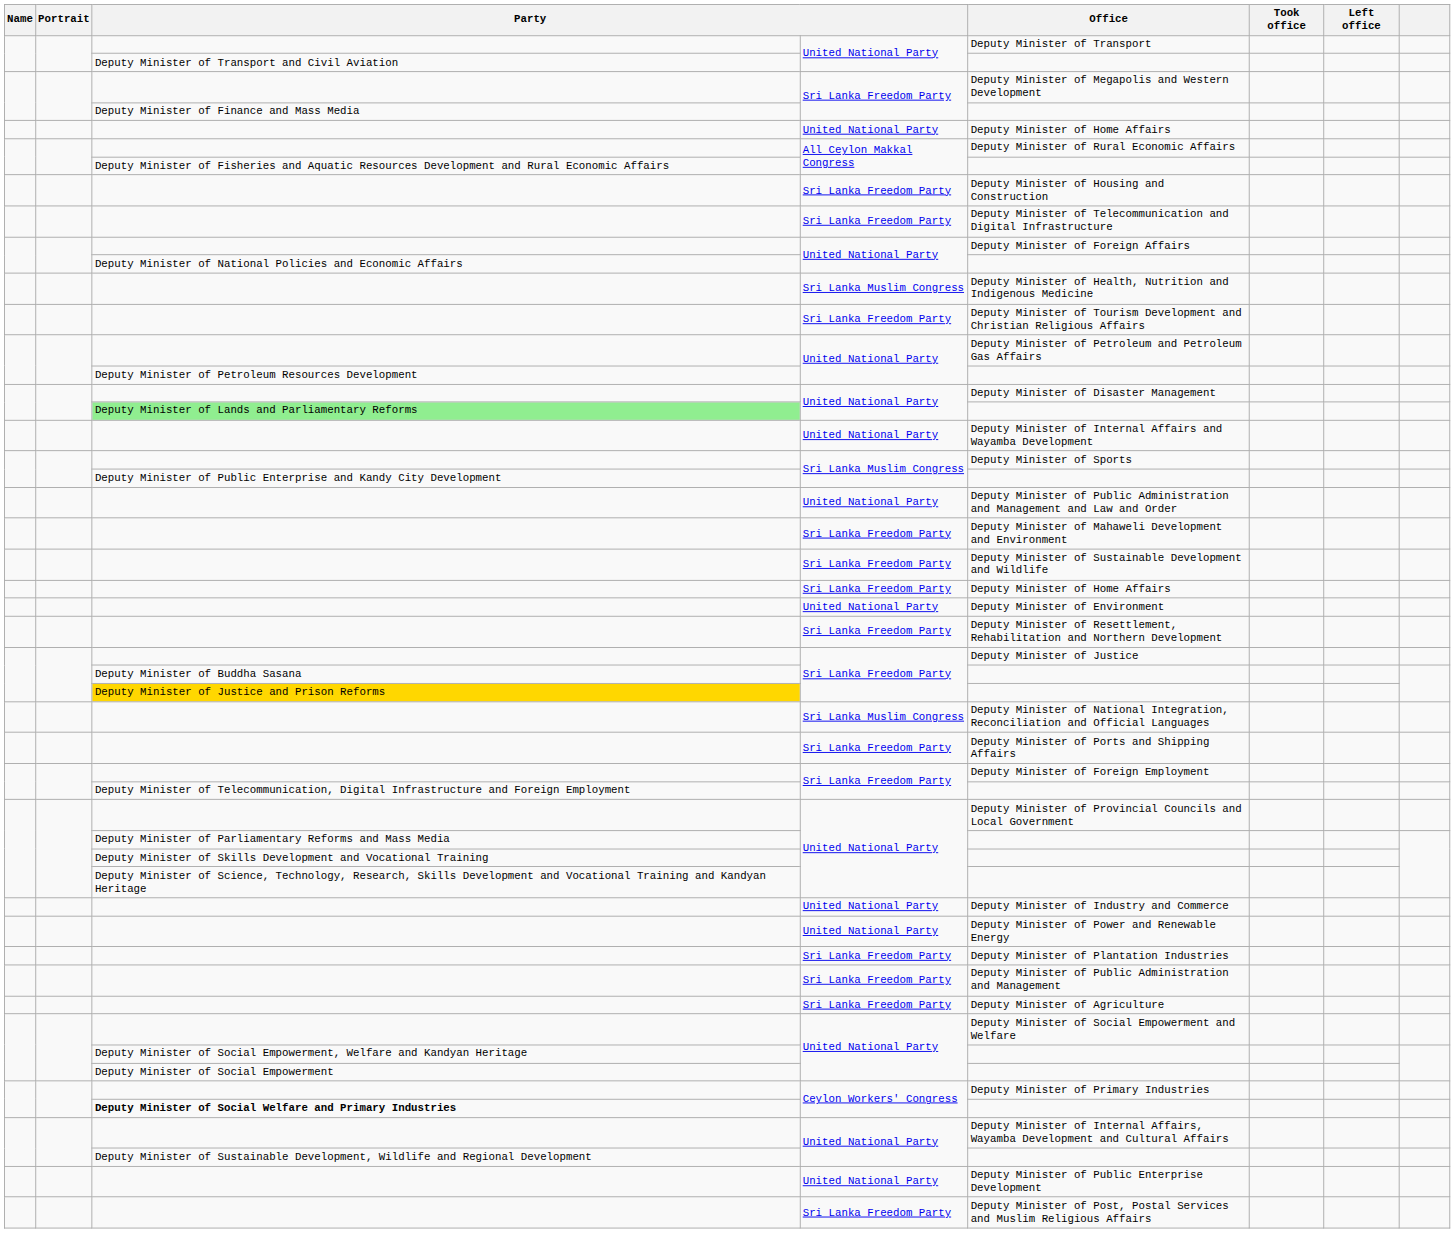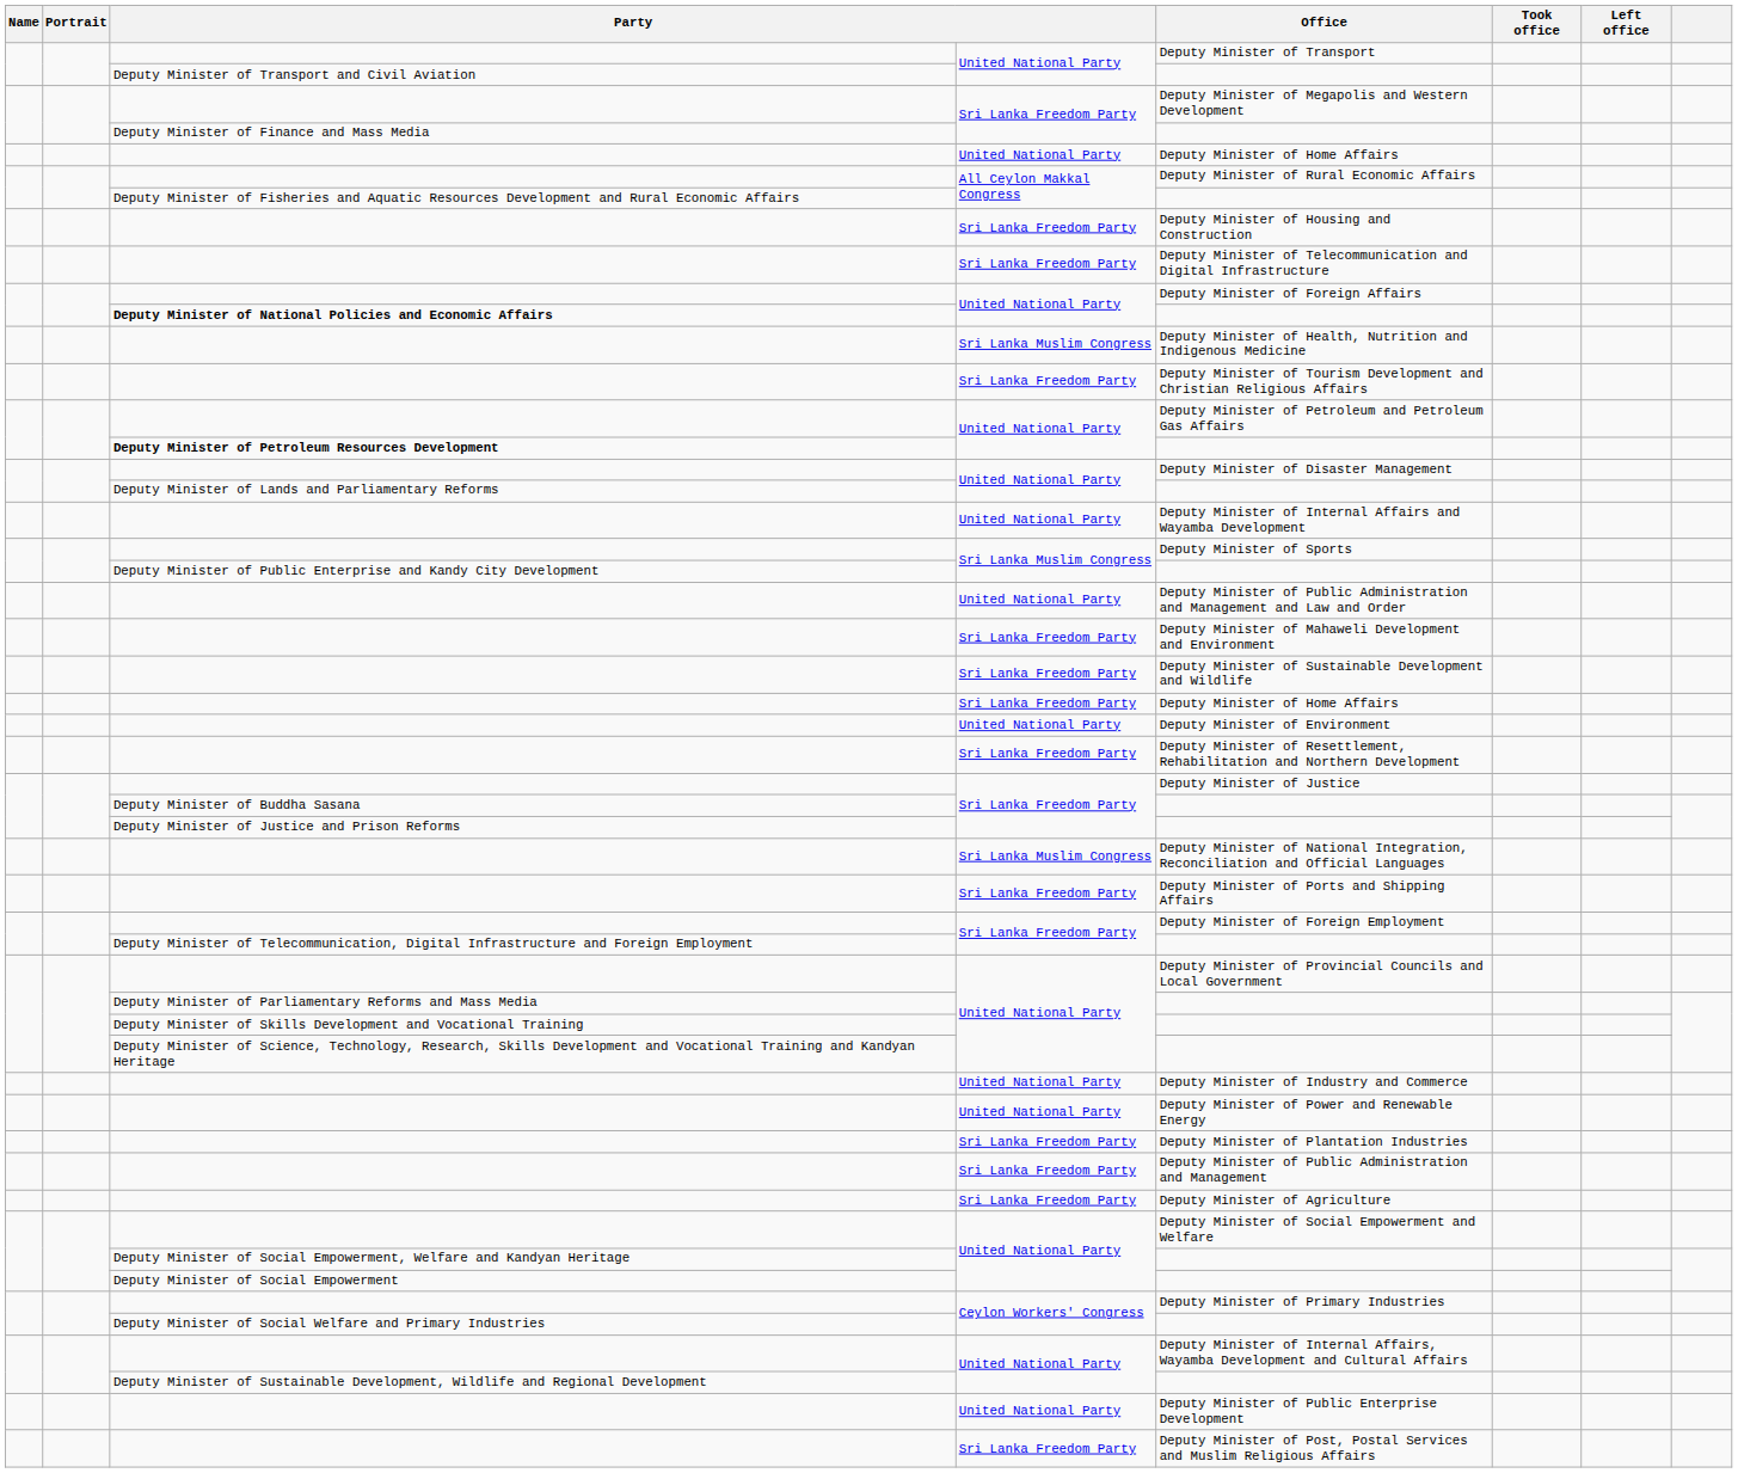 <table class="wikitable plainrowheaders sortable" style="font-size:90%; text-align:left;">
 <tr>
 <th scope=col>Name</th>
 <th scope=col class=unsortable>Portrait</th>
 <th scope=col colspan="2">Party</th>
 <th scope=col width=300px>Office</th>
 <th scope=col>Took office</th>
 <th scope=col>Left office</th>
 <th scope=col width=50px class=unsortable></th>
 </tr>
 <tr>
 <td rowspan=2></td>
 <td align=center rowspan=2></td>
 <td !align="center" style="background:"></td>
 <td rowspan=2><a href='#'>United National Party</a></td>
 <td>Deputy Minister of Transport</td>
 <td align=center></td>
 <td align=center></td>
 <td align=center></td>
 </tr>
 <tr>
 <td>Deputy Minister of Transport and Civil Aviation</td>
 <td align=center></td>
 <td align=center></td>
 <td align=center></td>
 </tr>
 <tr>
 <td rowspan=2></td>
 <td align=center rowspan=2></td>
 <td !align="center" style="background:"></td>
 <td rowspan=2><a href='#'>Sri Lanka Freedom Party</a></td>
 <td>Deputy Minister of Megapolis and Western Development</td>
 <td align=center></td>
 <td align=center></td>
 <td align=center></td>
 </tr>
 <tr>
 <td>Deputy Minister of Finance and Mass Media</td>
 <td align=center></td>
 <td align=center></td>
 <td align=center></td>
 </tr>
 <tr>
 <td></td>
 <td align=center></td>
 <td !align="center" style="background:"></td>
 <td><a href='#'>United National Party</a></td>
 <td>Deputy Minister of Home Affairs</td>
 <td align=center></td>
 <td align=center></td>
 <td align=center></td>
 </tr>
 <tr>
 <td rowspan=2></td>
 <td align=center rowspan=2></td>
 <td !align="center" style="background:"></td>
 <td rowspan=2><a href='#'>All Ceylon Makkal Congress</a></td>
 <td>Deputy Minister of Rural Economic Affairs</td>
 <td align=center></td>
 <td align=center></td>
 <td align=center></td>
 </tr>
 <tr>
 <td>Deputy Minister of Fisheries and Aquatic Resources Development and Rural Economic Affairs</td>
 <td align=center></td>
 <td align=center></td>
 <td align=center></td>
 </tr>
 <tr>
 <td></td>
 <td align=center></td>
 <td !align="center" style="background:"></td>
 <td><a href='#'>Sri Lanka Freedom Party</a></td>
 <td>Deputy Minister of Housing and Construction</td>
 <td align=center></td>
 <td align=center></td>
 <td align=center></td>
 </tr>
 <tr>
 <td></td>
 <td align=center></td>
 <td !align="center" style="background:"></td>
 <td><a href='#'>Sri Lanka Freedom Party</a></td>
 <td>Deputy Minister of Telecommunication and Digital Infrastructure</td>
 <td align=center></td>
 <td align=center></td>
 <td align=center><br></td>
 </tr>
 <tr>
 <td rowspan=2></td>
 <td align=center rowspan=2></td>
 <td !align="center" style="background:"></td>
 <td rowspan=2><a href='#'>United National Party</a></td>
 <td>Deputy Minister of Foreign Affairs</td>
 <td align=center></td>
 <td align=center></td>
 <td align=center></td>
 </tr>
 <tr>
-<td>Deputy Minister of National Policies and Economic Affairs</td>
+<td><strong>Deputy Minister of National Policies and Economic Affairs</strong></td>
 <td align=center></td>
 <td align=center></td>
 <td align=center></td>
 </tr>
 <tr>
 <td></td>
 <td align=center></td>
 <td !align="center" style="background:"></td>
 <td><a href='#'>Sri Lanka Muslim Congress</a></td>
 <td>Deputy Minister of Health, Nutrition and Indigenous Medicine</td>
 <td align=center></td>
 <td align=center></td>
 <td align=center></td>
 </tr>
 <tr>
 <td></td>
 <td align=center></td>
 <td !align="center" style="background:"></td>
 <td><a href='#'>Sri Lanka Freedom Party</a></td>
 <td>Deputy Minister of Tourism Development and Christian Religious Affairs</td>
 <td align=center></td>
 <td align=center></td>
 <td align=center></td>
 </tr>
 <tr>
 <td rowspan=2></td>
 <td align=center rowspan=2></td>
 <td !align="center" style="background:"></td>
 <td rowspan=2><a href='#'>United National Party</a></td>
 <td>Deputy Minister of Petroleum and Petroleum Gas Affairs</td>
 <td align=center></td>
 <td align=center></td>
 <td align=center></td>
 </tr>
 <tr>
-<td>Deputy Minister of Petroleum Resources Development</td>
+<td><strong>Deputy Minister of Petroleum Resources Development</strong></td>
 <td align=center></td>
 <td align=center></td>
 <td align=center></td>
 </tr>
 <tr>
 <td rowspan=2></td>
 <td align=center rowspan=2></td>
 <td !align="center" style="background:"></td>
 <td rowspan=2><a href='#'>United National Party</a></td>
 <td>Deputy Minister of Disaster Management</td>
 <td align=center></td>
 <td align=center></td>
 <td align=center></td>
 </tr>
 <tr>
-<td style="background: lightgreen;">Deputy Minister of Lands and Parliamentary Reforms</td>
+<td>Deputy Minister of Lands and Parliamentary Reforms</td>
 <td align=center></td>
 <td align=center></td>
 <td align=center></td>
 </tr>
 <tr>
 <td></td>
 <td align=center></td>
 <td !align="center" style="background:"></td>
 <td><a href='#'>United National Party</a></td>
 <td>Deputy Minister of Internal Affairs and Wayamba Development</td>
 <td align=center></td>
 <td align=center></td>
 <td align=center></td>
 </tr>
 <tr>
 <td rowspan=2></td>
 <td align=center rowspan=2></td>
 <td !align="center" style="background:"></td>
 <td rowspan=2><a href='#'>Sri Lanka Muslim Congress</a></td>
 <td>Deputy Minister of Sports</td>
 <td align=center></td>
 <td align=center></td>
 <td align=center></td>
 </tr>
 <tr>
 <td>Deputy Minister of Public Enterprise and Kandy City Development</td>
 <td align=center></td>
 <td align=center></td>
 <td align=center></td>
 </tr>
 <tr>
 <td></td>
 <td align=center></td>
 <td !align="center" style="background:"></td>
 <td><a href='#'>United National Party</a></td>
 <td>Deputy Minister of Public Administration and Management and Law and Order</td>
 <td align=center></td>
 <td align=center></td>
 <td align=center></td>
 </tr>
 <tr>
 <td></td>
 <td align=center></td>
 <td !align="center" style="background:"></td>
 <td><a href='#'>Sri Lanka Freedom Party</a></td>
 <td>Deputy Minister of Mahaweli Development and Environment</td>
 <td align=center></td>
 <td align=center></td>
 <td align=center><br></td>
 </tr>
 <tr>
 <td></td>
 <td align=center></td>
 <td !align="center" style="background:"></td>
 <td><a href='#'>Sri Lanka Freedom Party</a></td>
 <td>Deputy Minister of Sustainable Development and Wildlife</td>
 <td align=center></td>
 <td align=center></td>
 <td align=center></td>
 </tr>
 <tr>
 <td></td>
 <td align=center></td>
 <td !align="center" style="background:"></td>
 <td><a href='#'>Sri Lanka Freedom Party</a></td>
 <td>Deputy Minister of Home Affairs</td>
 <td align=center></td>
 <td align=center></td>
 <td align=center></td>
 </tr>
 <tr>
 <td></td>
 <td align=center></td>
 <td !align="center" style="background:"></td>
 <td><a href='#'>United National Party</a></td>
 <td>Deputy Minister of Environment</td>
 <td align=center></td>
 <td align=center></td>
 <td align=center></td>
 </tr>
 <tr>
 <td></td>
 <td align=center></td>
 <td !align="center" style="background:"></td>
 <td><a href='#'>Sri Lanka Freedom Party</a></td>
 <td>Deputy Minister of Resettlement, Rehabilitation and Northern Development</td>
 <td align=center></td>
 <td align=center></td>
 <td align=center></td>
 </tr>
 <tr>
 <td rowspan=3></td>
 <td align=center rowspan=3></td>
 <td !align="center" style="background:"></td>
 <td rowspan=3><a href='#'>Sri Lanka Freedom Party</a></td>
 <td>Deputy Minister of Justice</td>
 <td align=center></td>
 <td align=center></td>
 <td align=center></td>
 </tr>
 <tr>
 <td>Deputy Minister of Buddha Sasana</td>
 <td align=center></td>
 <td align=center></td>
 <td align=center></td>
 </tr>
 <tr>
-<td style="background: gold;">Deputy Minister of Justice and Prison Reforms</td>
+<td>Deputy Minister of Justice and Prison Reforms</td>
 <td align=center></td>
 <td align=center></td>
 <td align=center></td>
 </tr>
 <tr>
 <td></td>
 <td align=center></td>
 <td !align="center" style="background:"></td>
 <td><a href='#'>Sri Lanka Muslim Congress</a></td>
 <td>Deputy Minister of National Integration, Reconciliation and Official Languages</td>
 <td align=center></td>
 <td align=center></td>
 <td align=center></td>
 </tr>
 <tr>
 <td></td>
 <td align=center></td>
 <td !align="center" style="background:"></td>
 <td><a href='#'>Sri Lanka Freedom Party</a></td>
 <td>Deputy Minister of Ports and Shipping Affairs</td>
 <td align=center></td>
 <td align=center></td>
 <td align=center></td>
 </tr>
 <tr>
 <td rowspan=2></td>
 <td rowspan=2></td>
 <td !align="center" style="background:"></td>
 <td rowspan=2><a href='#'>Sri Lanka Freedom Party</a></td>
 <td>Deputy Minister of Foreign Employment</td>
 <td align=center></td>
 <td align=center></td>
 <td align=center></td>
 </tr>
 <tr>
 <td>Deputy Minister of Telecommunication, Digital Infrastructure and Foreign Employment</td>
 <td align=center></td>
 <td align=center></td>
 <td align=center></td>
 </tr>
 <tr>
 <td rowspan=4></td>
 <td align=center rowspan=4></td>
 <td !align="center" style="background:"></td>
 <td rowspan=4><a href='#'>United National Party</a></td>
 <td>Deputy Minister of Provincial Councils and Local Government</td>
 <td align=center></td>
 <td align=center></td>
 <td align=center></td>
 </tr>
 <tr>
 <td>Deputy Minister of Parliamentary Reforms and Mass Media</td>
 <td align=center></td>
 <td align=center></td>
 <td align=center></td>
 </tr>
 <tr>
 <td>Deputy Minister of Skills Development and Vocational Training</td>
 <td align=center></td>
 <td align=center></td>
 <td align=center></td>
 </tr>
 <tr>
 <td>Deputy Minister of Science, Technology, Research, Skills Development and Vocational Training and Kandyan Heritage</td>
 <td align=center></td>
 <td align=center></td>
 <td align=center></td>
 </tr>
 <tr>
 <td></td>
 <td align=center></td>
 <td !align="center" style="background:"></td>
 <td><a href='#'>United National Party</a></td>
 <td>Deputy Minister of Industry and Commerce</td>
 <td align=center></td>
 <td align=center></td>
 <td align=center></td>
 </tr>
 <tr>
 <td></td>
 <td align=center></td>
 <td !align="center" style="background:"></td>
 <td><a href='#'>United National Party</a></td>
 <td>Deputy Minister of Power and Renewable Energy</td>
 <td align=center></td>
 <td align=center></td>
 <td align=center></td>
 </tr>
 <tr>
 <td></td>
 <td align=center></td>
 <td !align="center" style="background:"></td>
 <td><a href='#'>Sri Lanka Freedom Party</a></td>
 <td>Deputy Minister of Plantation Industries</td>
 <td align=center></td>
 <td align=center></td>
 <td align=center><br></td>
 </tr>
 <tr>
 <td></td>
 <td align=center></td>
 <td !align="center" style="background:"></td>
 <td><a href='#'>Sri Lanka Freedom Party</a></td>
 <td>Deputy Minister of Public Administration and Management</td>
 <td align=center></td>
 <td align=center></td>
 <td align=center></td>
 </tr>
 <tr>
 <td></td>
 <td align=center></td>
 <td !align="center" style="background:"></td>
 <td><a href='#'>Sri Lanka Freedom Party</a></td>
 <td>Deputy Minister of Agriculture</td>
 <td align=center></td>
 <td align=center></td>
 <td align=center></td>
 </tr>
 <tr>
 <td rowspan=3></td>
 <td align=center rowspan=3></td>
 <td !align="center" style="background:"></td>
 <td rowspan=3><a href='#'>United National Party</a></td>
 <td>Deputy Minister of Social Empowerment and Welfare</td>
 <td align=center></td>
 <td align=center></td>
 <td align=center></td>
 </tr>
 <tr>
 <td>Deputy Minister of Social Empowerment, Welfare and Kandyan Heritage</td>
 <td align=center></td>
 <td align=center></td>
 <td align=center></td>
 </tr>
 <tr>
 <td>Deputy Minister of Social Empowerment</td>
 <td align=center></td>
 <td align=center></td>
 <td align=center></td>
 </tr>
 <tr>
 <td rowspan=2></td>
 <td align=center rowspan=2></td>
 <td !align="center" style="background:"></td>
 <td rowspan=2><a href='#'>Ceylon Workers' Congress</a></td>
 <td>Deputy Minister of Primary Industries</td>
 <td align=center></td>
 <td align=center></td>
 <td align=center></td>
 </tr>
 <tr>
-<td><strong>Deputy Minister of Social Welfare and Primary Industries</strong></td>
+<td>Deputy Minister of Social Welfare and Primary Industries</td>
 <td align=center></td>
 <td align=center></td>
 <td align=center></td>
 </tr>
 <tr>
 <td rowspan=2></td>
 <td rowspan=2></td>
 <td !align="center" style="background:"></td>
 <td rowspan=2><a href='#'>United National Party</a></td>
 <td>Deputy Minister of Internal Affairs, Wayamba Development and Cultural Affairs</td>
 <td align=center></td>
 <td align=center></td>
 <td align=center></td>
 </tr>
 <tr>
 <td>Deputy Minister of Sustainable Development, Wildlife and Regional Development</td>
 <td align=center></td>
 <td align=center></td>
 <td align=center></td>
 </tr>
 <tr>
 <td></td>
 <td align=center></td>
 <td !align="center" style="background:"></td>
 <td><a href='#'>United National Party</a></td>
 <td>Deputy Minister of Public Enterprise Development</td>
 <td align=center></td>
 <td align=center></td>
 <td align=center></td>
 </tr>
 <tr>
 <td></td>
 <td align=center></td>
 <td !align="center" style="background:"></td>
 <td><a href='#'>Sri Lanka Freedom Party</a></td>
 <td>Deputy Minister of Post, Postal Services and Muslim Religious Affairs</td>
 <td align=center></td>
 <td align=center></td>
 <td align=center></td>
 </tr>
 </table>
